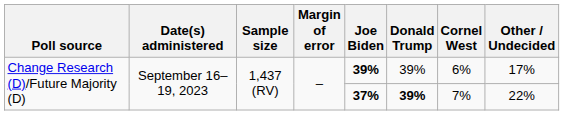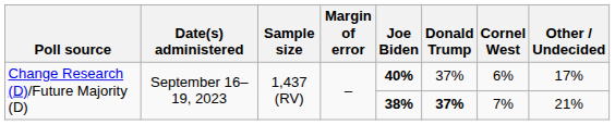 <table class="wikitable sortable mw-datatable" style="font-size:90%;text-align:center;line-height:17px">
 <tr valign=bottom>
 <th>Poll source</th>
 <th>Date(s)<br>administered</th>
 <th>Sample<br>size</th>
 <th>Margin<br>of error</th>
 <th class="unsortable">Joe<br>Biden<br></th>
 <th class="unsortable">Donald<br>Trump<br></th>
 <th class="unsortable">Cornel<br>West<br></th>
 <th class="unsortable">Other /<br>Undecided</th>
 </tr>
 <tr>
 <td style="text-align:left;" rowspan="2"><a href='#'>Change Research (D)</a>/Future Majority (D)</td>
 <td rowspan="2">September 16–19, 2023</td>
 <td rowspan="2">1,437 (RV)</td>
 <td rowspan="2">–</td>
-<td style="color:black;background-color:"><strong>39%</strong></td>
-<td>39%</td>
+<td style="color:black;background-color:"><strong>40%</strong></td>
+<td>37%</td>
 <td>6%</td>
 <td>17%</td>
 </tr>
 <tr>
+<td><strong>38%</strong></td>
 <td><strong>37%</strong></td>
-<td><strong>39%</strong></td>
 <td>7%</td>
-<td>22%</td>
+<td>21%</td>
 </tr>
 </table>
